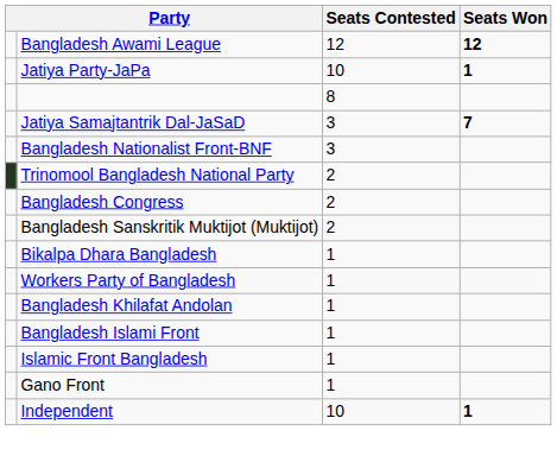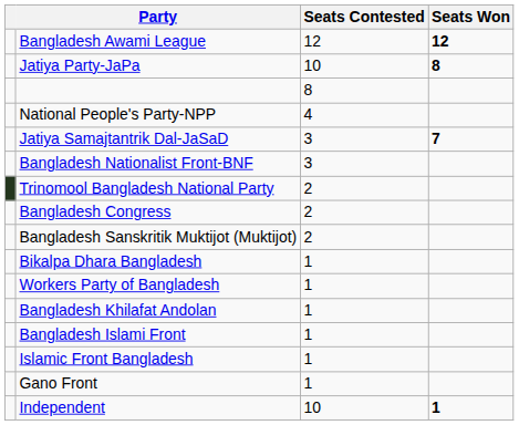 <table class="wikitable">
 <tr>
 <th class=unsortable> </th>
 <th style="border-left-style:hidden; padding:0.1em 0;"><a href='#'>Party</a></th>
 <th>Seats Contested</th>
 <th>Seats Won</th>
 </tr>
 <tr>
 <td></td>
 <td><a href='#'>Bangladesh Awami League</a></td>
 <td>12</td>
 <td><strong>12</strong></td>
 </tr>
 <tr>
 <td></td>
 <td><a href='#'>Jatiya Party-JaPa</a></td>
 <td>10</td>
-<td><strong>1</strong></td>
+<td><strong>8</strong></td>
 </tr>
 <tr>
 <td></td>
 <td></td>
 <td>8</td>
+<td></td>
+</tr>
+<tr>
+<td></td>
+<td>National People's Party-NPP</td>
+<td>4</td>
 <td></td>
 </tr>
 <tr>
 <td></td>
 <td><a href='#'>Jatiya Samajtantrik Dal-JaSaD</a></td>
 <td>3</td>
 <td><strong>7</strong></td>
 </tr>
 <tr>
 <td bgcolor=></td>
 <td><a href='#'>Bangladesh Nationalist Front-BNF</a></td>
 <td>3</td>
 <td></td>
 </tr>
 <tr>
 <td bgcolor="#24361E"></td>
 <td><a href='#'>Trinomool Bangladesh National Party</a></td>
 <td>2</td>
 <td></td>
 </tr>
 <tr>
 <td></td>
 <td><a href='#'>Bangladesh Congress</a></td>
 <td>2</td>
 <td></td>
 </tr>
 <tr>
 <td></td>
 <td>Bangladesh Sanskritik Muktijot (Muktijot)</td>
 <td>2</td>
 <td></td>
 </tr>
 <tr>
 <td bgcolor=></td>
 <td><a href='#'>Bikalpa Dhara Bangladesh</a></td>
 <td>1</td>
 <td></td>
 </tr>
 <tr>
 <td bgcolor=></td>
 <td><a href='#'>Workers Party of Bangladesh</a></td>
 <td>1</td>
 <td></td>
 </tr>
 <tr>
 <td></td>
 <td><a href='#'>Bangladesh Khilafat Andolan</a></td>
 <td>1</td>
 <td></td>
 </tr>
 <tr>
 <td></td>
 <td><a href='#'>Bangladesh Islami Front</a></td>
 <td>1</td>
 <td></td>
 </tr>
 <tr>
 <td></td>
 <td><a href='#'>Islamic Front Bangladesh</a></td>
 <td>1</td>
 <td></td>
 </tr>
 <tr>
 <td></td>
 <td>Gano Front</td>
 <td>1</td>
 <td></td>
 </tr>
 <tr>
 <td></td>
 <td><a href='#'>Independent</a></td>
 <td>10</td>
 <td><strong>1</strong></td>
 </tr>
 </table>
